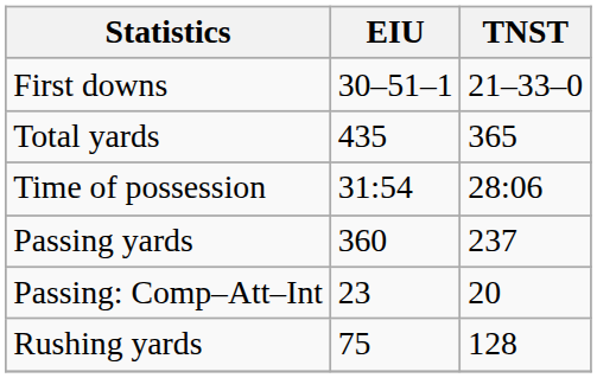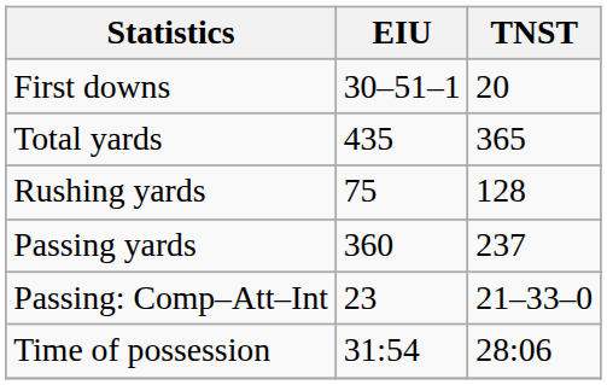 <table class="wikitable" style="float: left;">
 <tr>
 <th>Statistics</th>
 <th>EIU</th>
 <th>TNST</th>
 </tr>
 <tr>
 <td>First downs</td>
 <td>30–51–1</td>
-<td>21–33–0</td>
+<td>20</td>
 </tr>
 <tr>
 <td>Total yards</td>
 <td>435</td>
 <td>365</td>
 </tr>
 <tr>
-<td>Time of possession</td>
-<td>31:54</td>
-<td>28:06</td>
+<td>Rushing yards</td>
+<td>75</td>
+<td>128</td>
 </tr>
 <tr>
 <td>Passing yards</td>
 <td>360</td>
 <td>237</td>
 </tr>
 <tr>
 <td>Passing: Comp–Att–Int</td>
 <td>23</td>
-<td>20</td>
+<td>21–33–0</td>
 </tr>
 <tr>
-<td>Rushing yards</td>
-<td>75</td>
-<td>128</td>
+<td>Time of possession</td>
+<td>31:54</td>
+<td>28:06</td>
 </tr>
 <tr>
 </tr>
 </table>
